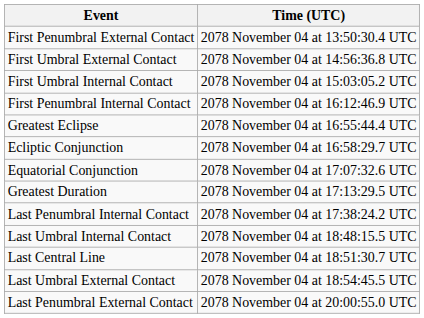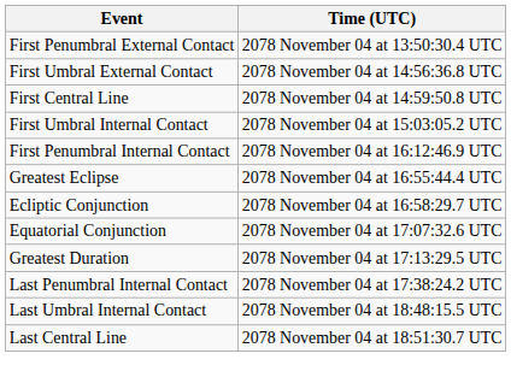 <table class="wikitable">
 <tr>
 <th>Event</th>
 <th>Time (UTC)</th>
 </tr>
 <tr>
 <td>First Penumbral External Contact</td>
 <td>2078 November 04 at 13:50:30.4 UTC</td>
 </tr>
 <tr>
 <td>First Umbral External Contact</td>
 <td>2078 November 04 at 14:56:36.8 UTC</td>
+</tr>
+<tr>
+<td>First Central Line</td>
+<td>2078 November 04 at 14:59:50.8 UTC</td>
 </tr>
 <tr>
 <td>First Umbral Internal Contact</td>
 <td>2078 November 04 at 15:03:05.2 UTC</td>
 </tr>
 <tr>
 <td>First Penumbral Internal Contact</td>
 <td>2078 November 04 at 16:12:46.9 UTC</td>
 </tr>
 <tr>
 <td>Greatest Eclipse</td>
 <td>2078 November 04 at 16:55:44.4 UTC</td>
 </tr>
 <tr>
 <td>Ecliptic Conjunction</td>
 <td>2078 November 04 at 16:58:29.7 UTC</td>
 </tr>
 <tr>
 <td>Equatorial Conjunction</td>
 <td>2078 November 04 at 17:07:32.6 UTC</td>
 </tr>
 <tr>
 <td>Greatest Duration</td>
 <td>2078 November 04 at 17:13:29.5 UTC</td>
 </tr>
 <tr>
 <td>Last Penumbral Internal Contact</td>
 <td>2078 November 04 at 17:38:24.2 UTC</td>
 </tr>
 <tr>
 <td>Last Umbral Internal Contact</td>
 <td>2078 November 04 at 18:48:15.5 UTC</td>
 </tr>
 <tr>
 <td>Last Central Line</td>
 <td>2078 November 04 at 18:51:30.7 UTC</td>
 </tr>
-<tr>
-<td>Last Umbral External Contact</td>
-<td>2078 November 04 at 18:54:45.5 UTC</td>
-</tr>
-<tr>
-<td>Last Penumbral External Contact</td>
-<td>2078 November 04 at 20:00:55.0 UTC</td>
-</tr>
 </table>
